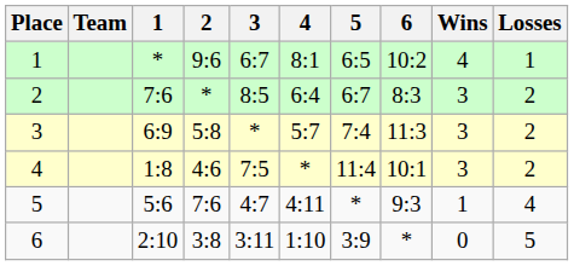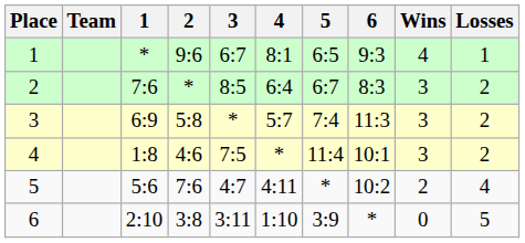 <table class="wikitable" style="text-align:center;">
 <tr>
 <th>Place</th>
 <th>Team</th>
 <th width="25">1</th>
 <th width="25">2</th>
 <th width="25">3</th>
 <th width="25">4</th>
 <th width="25">5</th>
 <th width="25">6</th>
 <th>Wins</th>
 <th>Losses</th>
 </tr>
 <tr bgcolor=#cfc>
 <td>1</td>
 <td align=left></td>
 <td>*</td>
 <td>9:6</td>
 <td>6:7</td>
 <td>8:1</td>
 <td>6:5</td>
-<td>10:2</td>
+<td>9:3</td>
 <td>4</td>
 <td>1</td>
 </tr>
 <tr bgcolor=#cfc>
 <td>2</td>
 <td align=left></td>
 <td>7:6</td>
 <td>*</td>
 <td>8:5</td>
 <td>6:4</td>
 <td>6:7</td>
 <td>8:3</td>
 <td>3</td>
 <td>2</td>
 </tr>
 <tr bgcolor=#ffc>
 <td>3</td>
 <td align=left></td>
 <td>6:9</td>
 <td>5:8</td>
 <td>*</td>
 <td>5:7</td>
 <td>7:4</td>
 <td>11:3</td>
 <td>3</td>
 <td>2</td>
 </tr>
 <tr bgcolor=#ffc>
 <td>4</td>
 <td align=left></td>
 <td>1:8</td>
 <td>4:6</td>
 <td>7:5</td>
 <td>*</td>
 <td>11:4</td>
 <td>10:1</td>
 <td>3</td>
 <td>2</td>
 </tr>
 <tr>
 <td>5</td>
 <td align=left></td>
 <td>5:6</td>
 <td>7:6</td>
 <td>4:7</td>
 <td>4:11</td>
 <td>*</td>
-<td>9:3</td>
-<td>1</td>
+<td>10:2</td>
+<td>2</td>
 <td>4</td>
 </tr>
 <tr>
 <td>6</td>
 <td align=left></td>
 <td>2:10</td>
 <td>3:8</td>
 <td>3:11</td>
 <td>1:10</td>
 <td>3:9</td>
 <td>*</td>
 <td>0</td>
 <td>5</td>
 </tr>
 </table>
